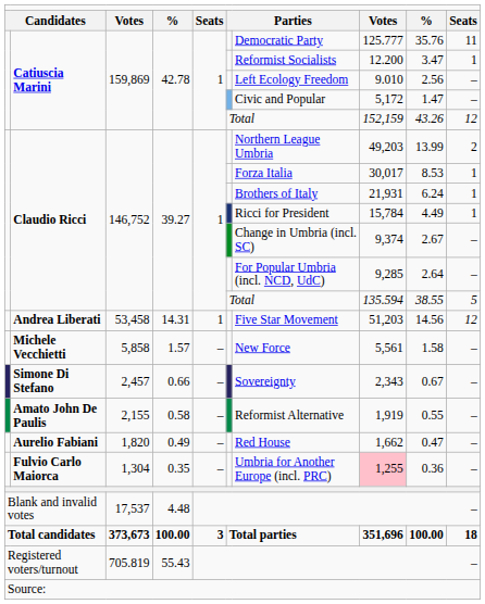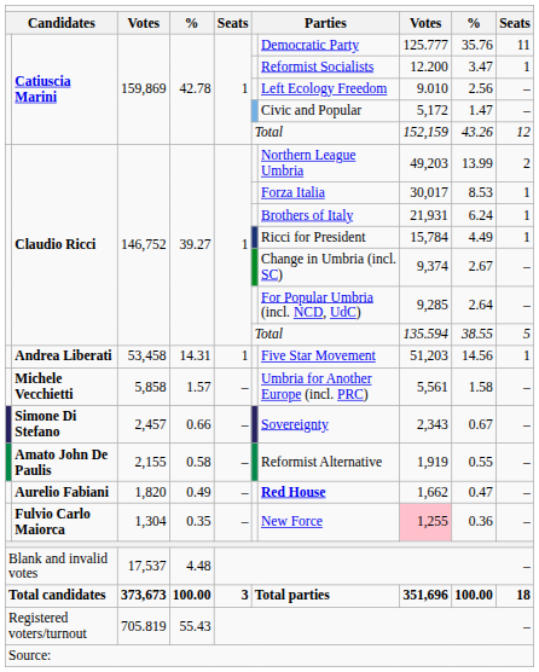 <table class="wikitable">
 <tr>
 <td colspan="10"></td>
 </tr>
 <tr>
 <th colspan="2">Candidates</th>
 <th>Votes</th>
 <th>%</th>
 <th>Seats</th>
 <th colspan="2">Parties</th>
 <th>Votes</th>
 <th>%</th>
 <th>Seats</th>
 </tr>
 <tr>
 <td rowspan="5"></td>
 <td rowspan="5"><strong><a href='#'>Catiuscia Marini</a></strong></td>
 <td rowspan="5" align="right">159,869</td>
 <td rowspan="5" align="right">42.78</td>
 <td rowspan="5" align="right">1</td>
 <td></td>
 <td><a href='#'>Democratic Party</a></td>
 <td align="right">125.777</td>
 <td align="right">35.76</td>
 <td align="right">11</td>
 </tr>
 <tr>
 <td></td>
 <td><a href='#'>Reformist Socialists</a></td>
 <td align="right">12.200</td>
 <td align="right">3.47</td>
 <td align="right">1</td>
 </tr>
 <tr>
 <td></td>
 <td><a href='#'>Left Ecology Freedom</a></td>
 <td align="right">9.010</td>
 <td align="right">2.56</td>
 <td align="right">–</td>
 </tr>
 <tr>
 <td bgcolor="#70B1E7"></td>
 <td>Civic and Popular</td>
 <td align="right">5,172</td>
 <td align="right">1.47</td>
 <td align="right">–</td>
 </tr>
 <tr>
 <td colspan="2"><em>Total</em></td>
 <td align="right"><em>152,159</em></td>
 <td align="right"><em>43.26</em></td>
 <td align="right"><em>12</em></td>
 </tr>
 <tr>
 <td rowspan="7"></td>
 <td rowspan="7"><strong>Claudio Ricci</strong></td>
 <td rowspan="7" align="right">146,752</td>
 <td rowspan="7" align="right">39.27</td>
 <td rowspan="7" align="right">1</td>
 <td></td>
 <td><a href='#'>Northern League Umbria</a></td>
 <td align="right">49,203</td>
 <td align="right">13.99</td>
 <td align="right">2</td>
 </tr>
 <tr>
 <td></td>
 <td><a href='#'>Forza Italia</a></td>
 <td align="right">30,017</td>
 <td align="right">8.53</td>
 <td align="right">1</td>
 </tr>
 <tr>
 <td></td>
 <td><a href='#'>Brothers of Italy</a></td>
 <td align="right">21,931</td>
 <td align="right">6.24</td>
 <td align="right">1</td>
 </tr>
 <tr>
 <td bgcolor="#193275"></td>
 <td>Ricci for President</td>
 <td align="right">15,784</td>
 <td align="right">4.49</td>
 <td align="right">1</td>
 </tr>
 <tr>
 <td bgcolor="#008C21"></td>
 <td>Change in Umbria (incl. <a href='#'>SC</a>)</td>
 <td align="right">9,374</td>
 <td align="right">2.67</td>
 <td align="right">–</td>
 </tr>
 <tr>
 <td></td>
 <td><a href='#'>For Popular Umbria</a> (incl. <a href='#'>NCD</a>, <a href='#'>UdC</a>)</td>
 <td align="right">9,285</td>
 <td align="right">2.64</td>
 <td align="right">–</td>
 </tr>
 <tr>
 <td colspan="2"><em>Total</em></td>
 <td align="right"><em>135.594</em></td>
 <td align="right"><em>38.55</em></td>
 <td align="right"><em>5</em></td>
 </tr>
 <tr>
 <td></td>
 <td><strong>Andrea Liberati</strong></td>
 <td align="right">53,458</td>
 <td align="right">14.31</td>
 <td align="right">1</td>
 <td></td>
 <td><a href='#'>Five Star Movement</a></td>
 <td align="right">51,203</td>
 <td align="right">14.56</td>
-<td align="right"><em>12</em></td>
+<td align="right">1</td>
 </tr>
 <tr>
 <td></td>
 <td><strong>Michele Vecchietti</strong></td>
 <td align="right">5,858</td>
 <td align="right">1.57</td>
 <td align="right">–</td>
 <td></td>
-<td><a href='#'>New Force</a></td>
+<td><a href='#'>Umbria for Another Europe</a> (incl. <a href='#'>PRC</a>)</td>
 <td align="right">5,561</td>
 <td align="right">1.58</td>
 <td align="right">–</td>
 </tr>
 <tr>
 <td bgcolor="#272360"></td>
 <td><strong>Simone Di Stefano</strong></td>
 <td align="right">2,457</td>
 <td align="right">0.66</td>
 <td align="right">–</td>
 <td bgcolor="#272360"></td>
 <td><a href='#'>Sovereignty</a></td>
 <td align="right">2,343</td>
 <td align="right">0.67</td>
 <td align="right">–</td>
 </tr>
 <tr>
 <td bgcolor="#008949"></td>
 <td><strong>Amato John De Paulis</strong></td>
 <td align="right">2,155</td>
 <td align="right">0.58</td>
 <td align="right">–</td>
 <td bgcolor="#008949"></td>
 <td>Reformist Alternative</td>
 <td align="right">1,919</td>
 <td align="right">0.55</td>
 <td align="right">–</td>
 </tr>
 <tr>
 <td></td>
 <td><strong>Aurelio Fabiani</strong></td>
 <td align="right">1,820</td>
 <td align="right">0.49</td>
 <td align="right">–</td>
 <td></td>
-<td><a href='#'>Red House</a></td>
+<td><strong><a href='#'>Red House</a></strong></td>
 <td align="right">1,662</td>
 <td align="right">0.47</td>
 <td align="right">–</td>
 </tr>
 <tr>
 <td></td>
 <td><strong>Fulvio Carlo Maiorca</strong></td>
 <td align="right">1,304</td>
 <td align="right">0.35</td>
 <td align="right">–</td>
 <td></td>
-<td><a href='#'>Umbria for Another Europe</a> (incl. <a href='#'>PRC</a>)</td>
+<td><a href='#'>New Force</a></td>
 <td align="right" style="background: pink;">1,255</td>
 <td align="right">0.36</td>
 <td align="right">–</td>
 </tr>
 <tr>
 <th colspan="10"></th>
 </tr>
 <tr>
 <td colspan="2">Blank and invalid votes</td>
 <td align="right">17,537</td>
 <td align="right">4.48</td>
 <td colspan="6" align="right">–</td>
 </tr>
 <tr>
 <td colspan="2"><strong>Total candidates</strong></td>
 <td align="right"><strong>373,673</strong></td>
 <td align="right"><strong>100.00</strong></td>
 <td align="right"><strong>3</strong></td>
 <td colspan="2"><strong>Total parties</strong></td>
 <td align="right"><strong>351,696</strong></td>
 <td align="right"><strong>100.00</strong></td>
 <td align="right"><strong>18</strong></td>
 </tr>
 <tr>
 <td colspan="2">Registered voters/turnout</td>
 <td align="right">705.819</td>
 <td align="right">55.43</td>
 <td colspan="6" align="right">–</td>
 </tr>
 <tr>
 <td colspan="10">Source: </td>
 </tr>
 </table>
